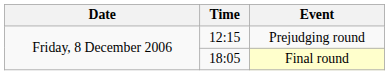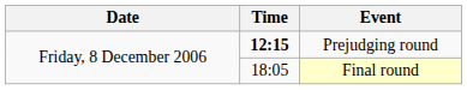 <table class = "wikitable" style="text-align:center;">
 <tr>
 <th width=220>Date</th>
 <th width=50>Time</th>
 <th width=150>Event</th>
 </tr>
 <tr>
 <td rowspan=2>Friday, 8 December 2006</td>
-<td>12:15</td>
+<td><strong>12:15</strong></td>
 <td>Prejudging round</td>
 </tr>
 <tr>
 <td>18:05</td>
 <td bgcolor=ffffcc>Final round</td>
 </tr>
 </table>
